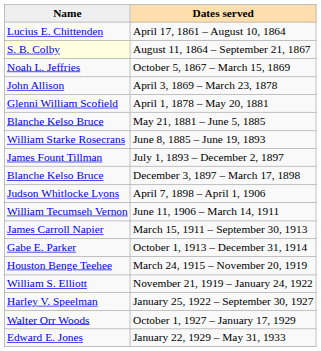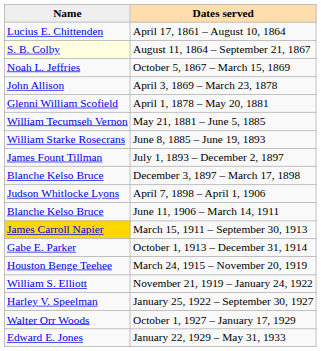 <table class="wikitable">
 <tr>
 <th style="background:#efefef;">Name</th>
 <th colspan="3" style="background:#ffdead;">Dates served</th>
 </tr>
 <tr>
 <td><a href='#'>Lucius E. Chittenden</a></td>
 <td>April 17, 1861 – August 10, 1864</td>
 </tr>
 <tr>
 <td style="background: lightyellow;"><a href='#'>S. B. Colby</a></td>
 <td>August 11, 1864 – September 21, 1867</td>
 </tr>
 <tr>
 <td><a href='#'>Noah L. Jeffries</a></td>
 <td>October 5, 1867 – March 15, 1869</td>
 </tr>
 <tr>
 <td><a href='#'>John Allison</a></td>
 <td>April 3, 1869 – March 23, 1878</td>
 </tr>
 <tr>
 <td><a href='#'>Glenni William Scofield</a></td>
 <td>April 1, 1878 – May 20, 1881</td>
 </tr>
 <tr>
-<td><a href='#'>Blanche Kelso Bruce</a></td>
+<td><a href='#'>William Tecumseh Vernon</a></td>
 <td>May 21, 1881 – June 5, 1885</td>
 </tr>
 <tr>
 <td><a href='#'>William Starke Rosecrans</a></td>
 <td>June 8, 1885 – June 19, 1893</td>
 </tr>
 <tr>
 <td><a href='#'>James Fount Tillman</a></td>
 <td>July 1, 1893 – December 2, 1897</td>
 </tr>
 <tr>
 <td><a href='#'>Blanche Kelso Bruce</a></td>
 <td>December 3, 1897 – March 17, 1898</td>
 </tr>
 <tr>
 <td><a href='#'>Judson Whitlocke Lyons</a></td>
 <td>April 7, 1898 – April 1, 1906</td>
 </tr>
 <tr>
-<td><a href='#'>William Tecumseh Vernon</a></td>
+<td><a href='#'>Blanche Kelso Bruce</a></td>
 <td>June 11, 1906 – March 14, 1911</td>
 </tr>
 <tr>
-<td><a href='#'>James Carroll Napier</a></td>
+<td style="background: gold;"><a href='#'>James Carroll Napier</a></td>
 <td>March 15, 1911 – September 30, 1913</td>
 </tr>
 <tr>
 <td><a href='#'>Gabe E. Parker</a></td>
 <td>October 1, 1913 – December 31, 1914</td>
 </tr>
 <tr>
 <td><a href='#'>Houston Benge Teehee</a></td>
 <td>March 24, 1915 – November 20, 1919</td>
 </tr>
 <tr>
 <td><a href='#'>William S. Elliott</a></td>
 <td>November 21, 1919 – January 24, 1922</td>
 </tr>
 <tr>
 <td><a href='#'>Harley V. Speelman</a></td>
 <td>January 25, 1922 – September 30, 1927</td>
 </tr>
 <tr>
 <td><a href='#'>Walter Orr Woods</a></td>
 <td>October 1, 1927 – January 17, 1929</td>
 </tr>
 <tr>
 <td><a href='#'>Edward E. Jones</a></td>
 <td>January 22, 1929 – May 31, 1933</td>
 </tr>
 </table>
